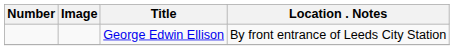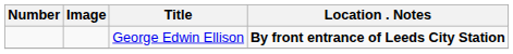 <table class="wikitable sortable">
 <tr>
 <th>Number</th>
 <th class="unsortable">Image</th>
 <th>Title</th>
 <th>Location . Notes</th>
 </tr>
 <tr>
 <td></td>
 <td></td>
 <td><a href='#'>George Edwin Ellison</a></td>
-<td>By front entrance of Leeds City Station</td>
+<td><strong>By front entrance of Leeds City Station</strong></td>
 </tr>
 <tr>
 </tr>
 </table>
